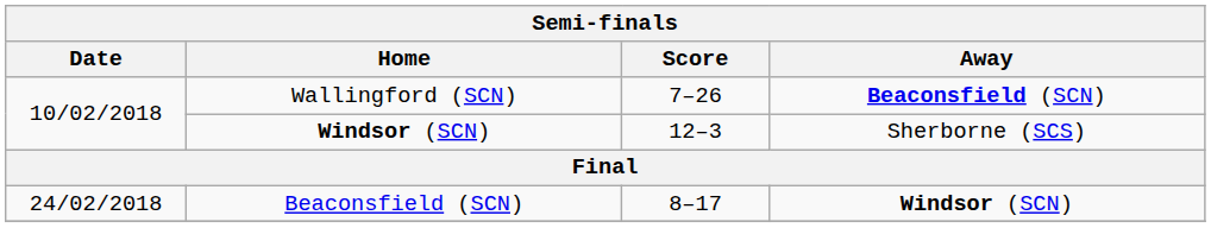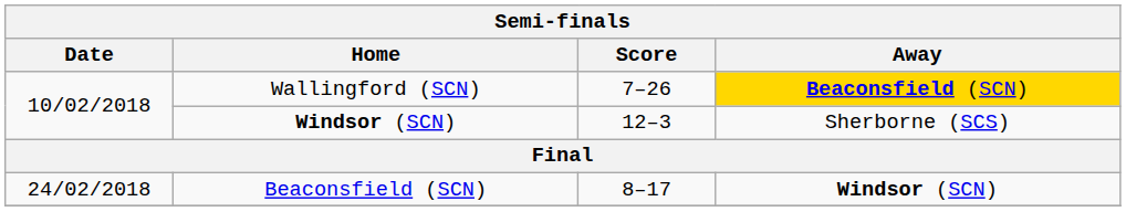 <table class="wikitable" style="text-align: center">
 <tr>
 <th colspan=4>Semi-finals</th>
 </tr>
 <tr>
 <th width=100>Date</th>
 <th width=250>Home</th>
 <th width=80>Score</th>
 <th width=250>Away</th>
 </tr>
 <tr>
 <td rowspan=2>10/02/2018</td>
 <td>Wallingford (<a href='#'>SCN</a>)</td>
 <td>7–26</td>
-<td><strong><a href='#'>Beaconsfield</a></strong> (<a href='#'>SCN</a>)</td>
+<td style="background: gold;"><strong><a href='#'>Beaconsfield</a></strong> (<a href='#'>SCN</a>)</td>
 </tr>
 <tr>
 <td><strong>Windsor</strong> (<a href='#'>SCN</a>)</td>
 <td>12–3</td>
 <td>Sherborne (<a href='#'>SCS</a>)</td>
 </tr>
 <tr>
 <th colspan=4>Final</th>
 </tr>
 <tr>
 <td>24/02/2018</td>
 <td><a href='#'>Beaconsfield</a> (<a href='#'>SCN</a>)</td>
 <td>8–17</td>
 <td><strong>Windsor</strong> (<a href='#'>SCN</a>)</td>
 </tr>
 <tr>
 </tr>
 </table>
